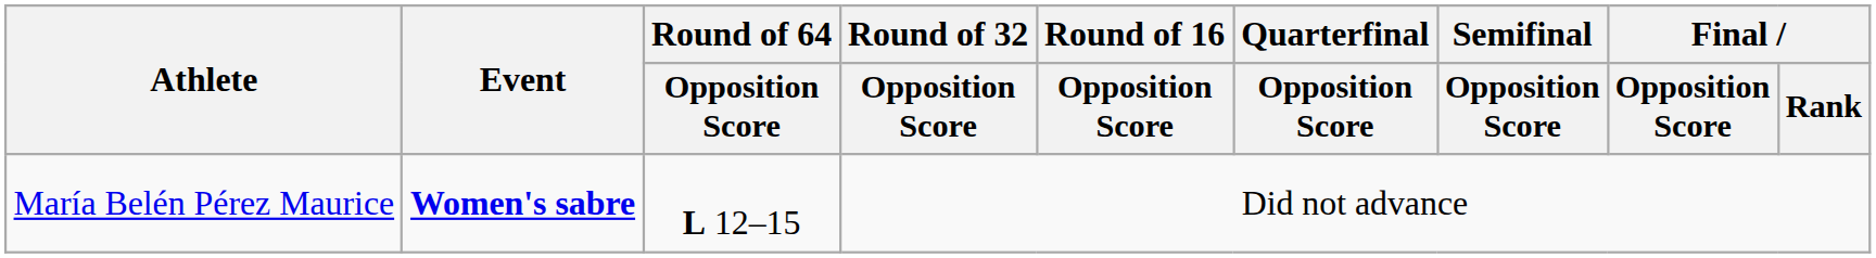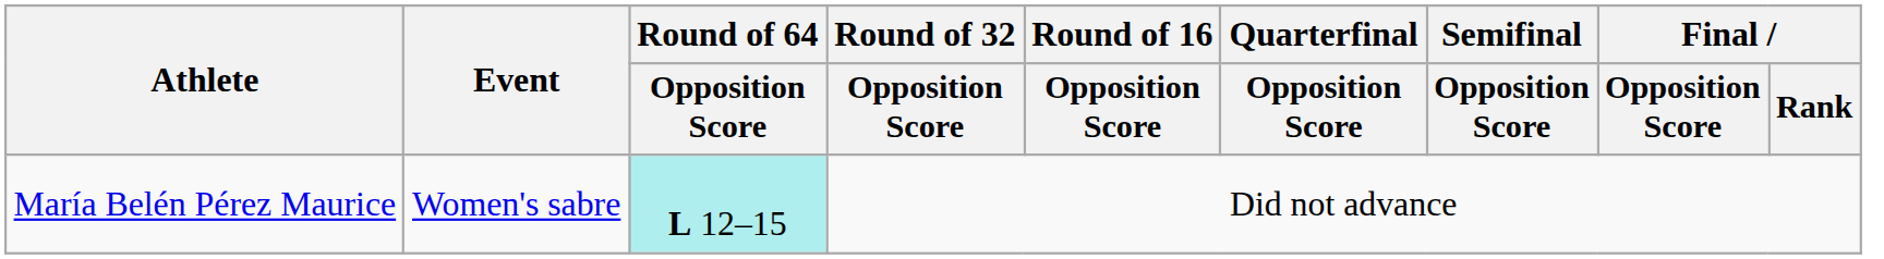 <table class="wikitable" style="font-size:90%">
 <tr>
 <th rowspan="2">Athlete</th>
 <th rowspan="2">Event</th>
 <th>Round of 64</th>
 <th>Round of 32</th>
 <th>Round of 16</th>
 <th>Quarterfinal</th>
 <th>Semifinal</th>
 <th colspan=2>Final / </th>
 </tr>
 <tr style="font-size:95%">
 <th>Opposition <br> Score</th>
 <th>Opposition <br> Score</th>
 <th>Opposition <br> Score</th>
 <th>Opposition <br> Score</th>
 <th>Opposition <br> Score</th>
 <th>Opposition <br> Score</th>
 <th>Rank</th>
 </tr>
 <tr align=center>
 <td align=left><a href='#'>María Belén Pérez Maurice</a></td>
-<td align=left><strong><a href='#'>Women's sabre</a></strong></td>
-<td><br><strong>L</strong> 12–15</td>
+<td align=left><a href='#'>Women's sabre</a></td>
+<td style="background: paleturquoise;"><br><strong>L</strong> 12–15</td>
 <td colspan=6>Did not advance</td>
 </tr>
 </table>
